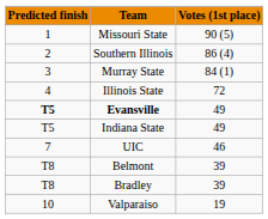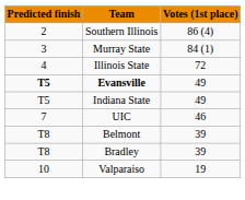 <table class="wikitable" style="display: inline-table;">
 <tr>
 </tr>
 <tr>
 <th style="background: #ED8B00; color: #000000;">Predicted finish</th>
 <th style="background: #ED8B00; color: #000000;">Team</th>
 <th style="background: #ED8B00; color: #000000;">Votes (1st place)</th>
-</tr>
-<tr align="center">
-<td>1</td>
-<td>Missouri State</td>
-<td>90 (5)</td>
 </tr>
 <tr align="center">
 <td>2</td>
 <td>Southern Illinois</td>
 <td>86 (4)</td>
 </tr>
 <tr align="center">
 <td>3</td>
 <td>Murray State</td>
 <td>84 (1)</td>
 </tr>
 <tr align="center">
 <td>4</td>
 <td>Illinois State</td>
 <td>72</td>
 </tr>
 <tr align="center">
 <td><strong>T5</strong></td>
 <td><strong>Evansville</strong></td>
 <td>49</td>
 </tr>
 <tr align="center">
 <td>T5</td>
 <td>Indiana State</td>
 <td>49</td>
 </tr>
 <tr align="center">
 <td>7</td>
 <td>UIC</td>
 <td>46</td>
 </tr>
 <tr align="center">
 <td>T8</td>
 <td>Belmont</td>
 <td>39</td>
 </tr>
 <tr align="center">
 <td>T8</td>
 <td>Bradley</td>
 <td>39</td>
 </tr>
 <tr align="center">
 <td>10</td>
 <td>Valparaiso</td>
 <td>19</td>
 </tr>
 </table>
